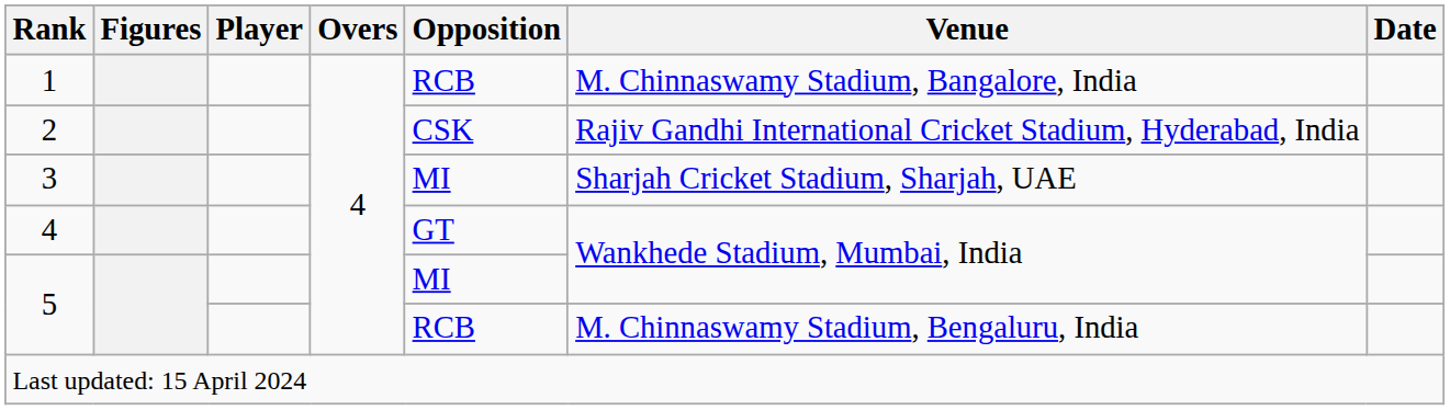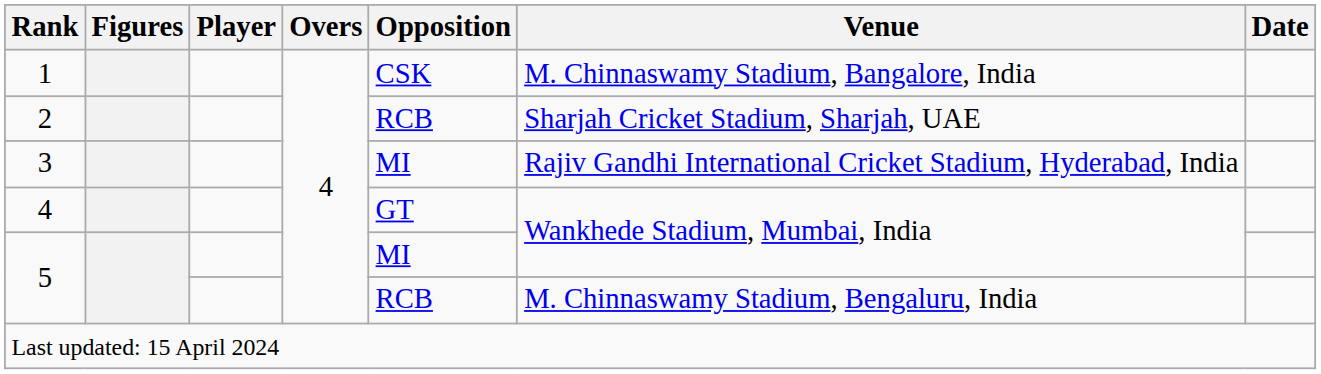 <table class="wikitable">
 <tr>
 <th style="text-align:center;">Rank</th>
 <th style="text-align:center;">Figures</th>
 <th style="text-align:center;">Player</th>
 <th style="text-align:center;">Overs</th>
 <th style="text-align:center;">Opposition</th>
 <th style="text-align:center;">Venue</th>
 <th style="text-align:center;">Date</th>
 </tr>
 <tr>
 <td align=center>1</td>
 <th scope=row style=text-align:center;></th>
 <td></td>
 <td align=center rowspan=6>4</td>
-<td><a href='#'>RCB</a></td>
+<td><a href='#'>CSK</a></td>
 <td><a href='#'>M. Chinnaswamy Stadium</a>, <a href='#'>Bangalore</a>, India</td>
 <td></td>
 </tr>
 <tr>
 <td align=center>2</td>
 <th scope=row style=text-align:center;></th>
 <td></td>
-<td><a href='#'>CSK</a></td>
-<td><a href='#'>Rajiv Gandhi International Cricket Stadium</a>, <a href='#'>Hyderabad</a>, India</td>
+<td><a href='#'>RCB</a></td>
+<td><a href='#'>Sharjah Cricket Stadium</a>, <a href='#'>Sharjah</a>, UAE</td>
 <td></td>
 </tr>
 <tr>
 <td align=center>3</td>
 <th scope=row style=text-align:center;></th>
 <td></td>
 <td><a href='#'>MI</a></td>
-<td><a href='#'>Sharjah Cricket Stadium</a>, <a href='#'>Sharjah</a>, UAE</td>
+<td><a href='#'>Rajiv Gandhi International Cricket Stadium</a>, <a href='#'>Hyderabad</a>, India</td>
 <td></td>
 </tr>
 <tr>
 <td align=center>4</td>
 <th scope=row style=text-align:center;></th>
 <td></td>
 <td><a href='#'>GT</a></td>
 <td rowspan=2><a href='#'>Wankhede Stadium</a>, <a href='#'>Mumbai</a>, India</td>
 <td></td>
 </tr>
 <tr>
 <td align=center rowspan=2>5</td>
 <th scope=row style=text-align:center; rowspan=2></th>
 <td></td>
 <td><a href='#'>MI</a></td>
 <td></td>
 </tr>
 <tr>
 <td></td>
 <td><a href='#'>RCB</a></td>
 <td><a href='#'>M. Chinnaswamy Stadium</a>, <a href='#'>Bengaluru</a>, India</td>
 <td></td>
 </tr>
 <tr class=sortbottom>
 <td colspan=7><small>Last updated: 15 April 2024</small></td>
 </tr>
 </table>
